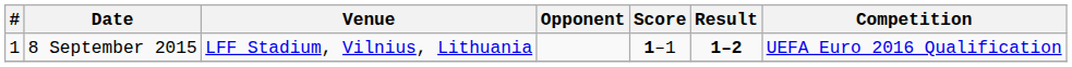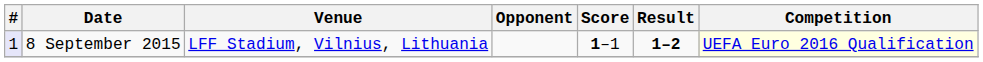 <table class="wikitable">
 <tr>
 <th>#</th>
 <th>Date</th>
 <th>Venue</th>
 <th>Opponent</th>
 <th>Score</th>
 <th>Result</th>
 <th>Competition</th>
 </tr>
 <tr>
-<td>1</td>
+<td style="background: lavender;">1</td>
 <td>8 September 2015</td>
 <td><a href='#'>LFF Stadium</a>, <a href='#'>Vilnius</a>, <a href='#'>Lithuania</a></td>
 <td></td>
 <td align=center><strong>1</strong>–1</td>
 <td align=center><strong>1–2</strong></td>
-<td><a href='#'>UEFA Euro 2016 Qualification</a></td>
+<td style="background: lightyellow;"><a href='#'>UEFA Euro 2016 Qualification</a></td>
 </tr>
 <tr>
 </tr>
 </table>
